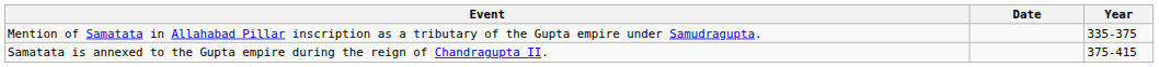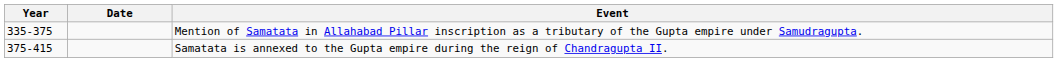 <table class="wikitable" width="100%">
 <tr>
+<th style="width:6%">Year</th>
+<th style="width:10%">Date</th>
 <th>Event</th>
-<th style="width:10%">Date</th>
-<th style="width:6%">Year</th>
 </tr>
 <tr>
+<td>335-375</td>
+<td></td>
 <td>Mention of <a href='#'>Samatata</a> in <a href='#'>Allahabad Pillar</a> inscription as a tributary of the Gupta empire under <a href='#'>Samudragupta</a>.</td>
-<td></td>
-<td>335-375</td>
 </tr>
 <tr>
+<td>375-415</td>
+<td></td>
 <td>Samatata is annexed to the Gupta empire during the reign of <a href='#'>Chandragupta II</a>.</td>
-<td></td>
-<td>375-415</td>
 </tr>
 </table>
